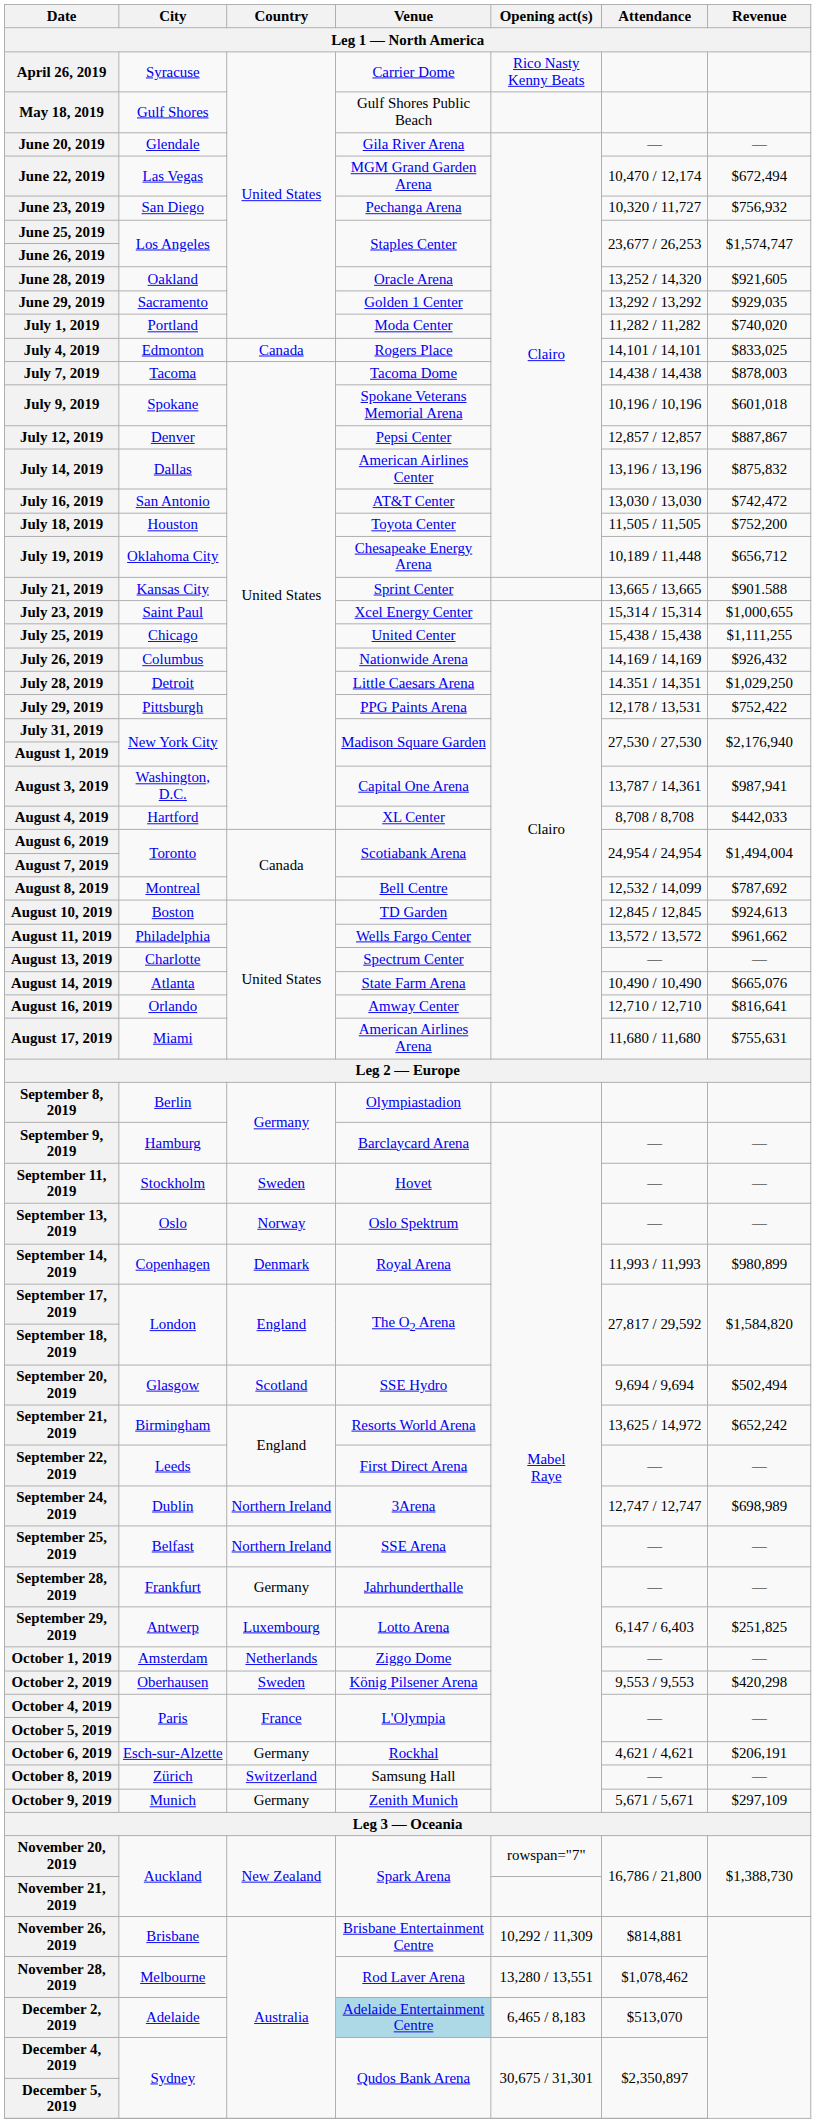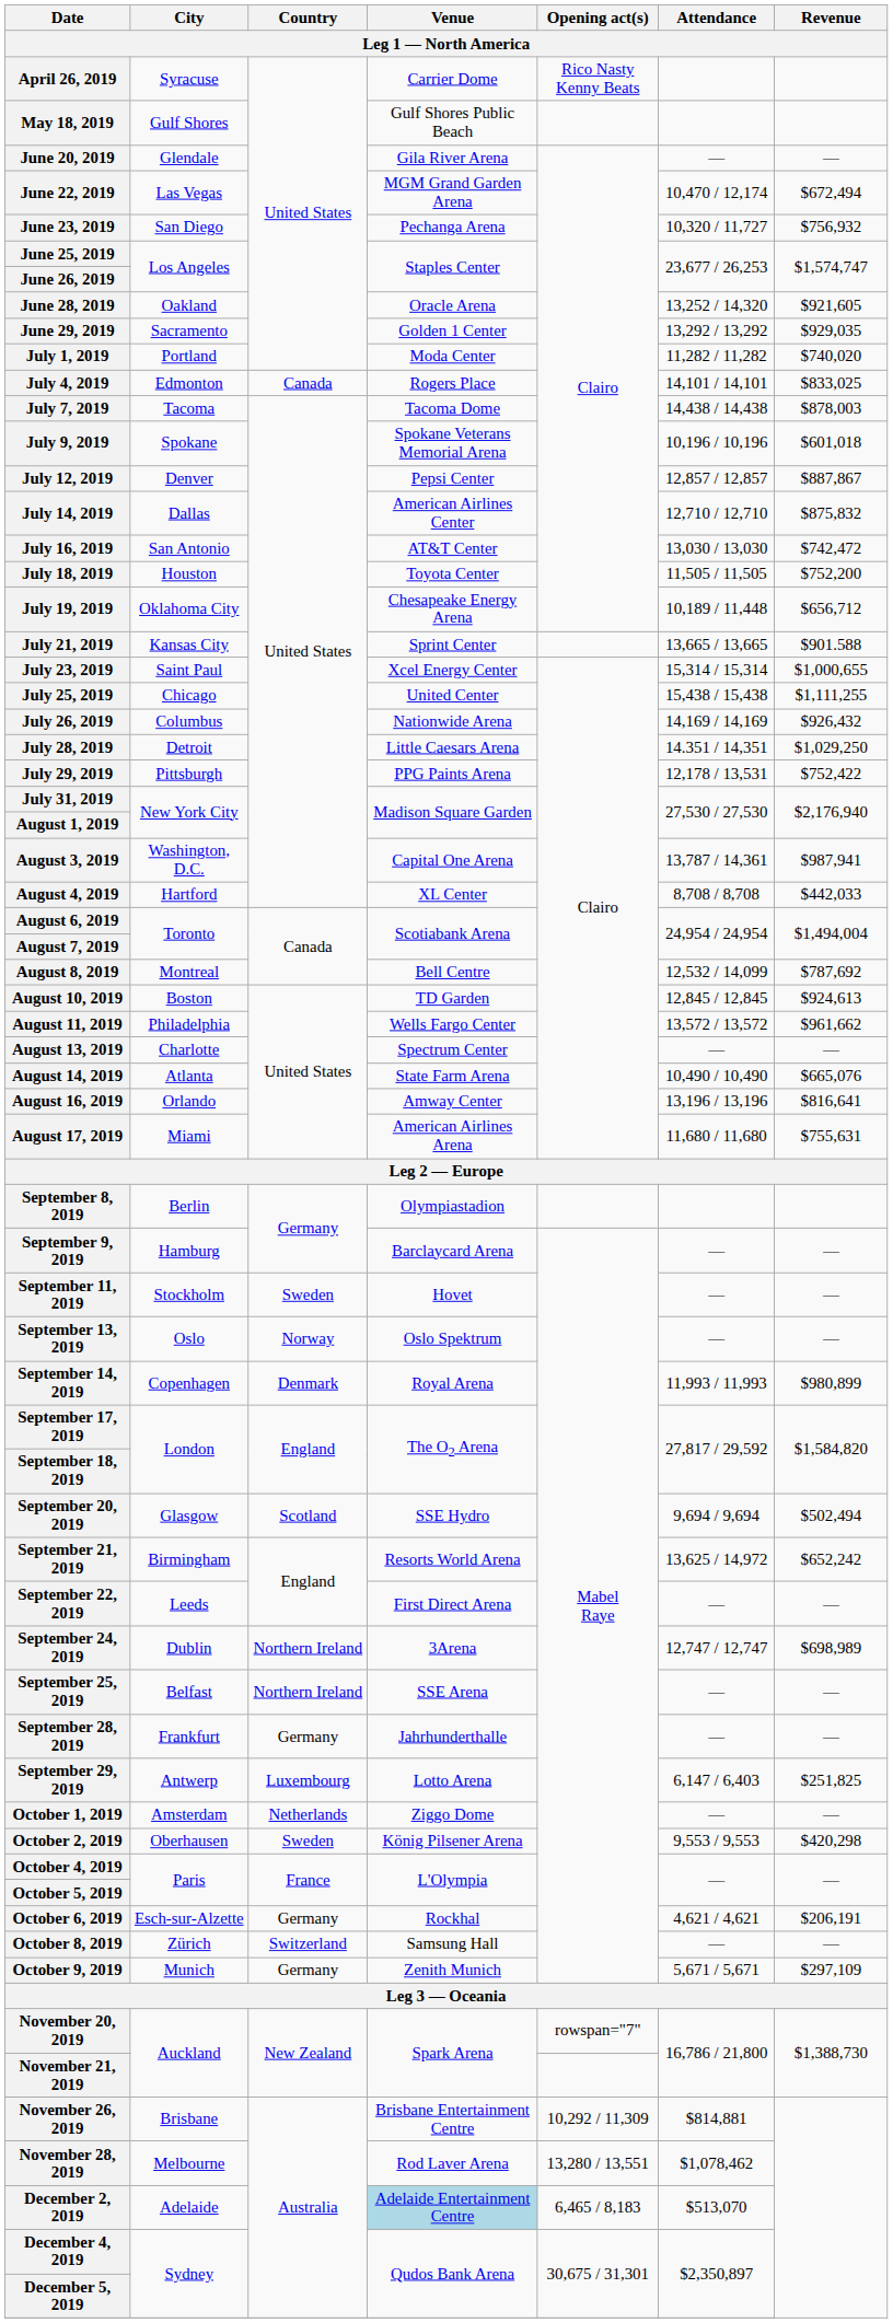 <table class="wikitable plainrowheaders" style="text-align:center;">
 <tr>
 <th scope="col" style="width:12em;">Date</th>
 <th scope="col" style="width:10em;">City</th>
 <th scope="col" style="width:10em;">Country</th>
 <th scope="col" style="width:16em;">Venue</th>
 <th scope="col" style="width:10em;">Opening act(s)</th>
 <th scope="col" style="width:10em;">Attendance</th>
 <th scope="col" style="width:10em;">Revenue</th>
 </tr>
 <tr>
 <th colspan="7">Leg 1 — North America</th>
 </tr>
 <tr>
 <th scope="row" style="text-align:center;">April 26, 2019</th>
 <td><a href='#'>Syracuse</a></td>
 <td rowspan="10"><a href='#'>United States</a></td>
 <td><a href='#'>Carrier Dome</a></td>
 <td><a href='#'>Rico Nasty</a><br><a href='#'>Kenny Beats</a></td>
 <td></td>
 <td></td>
 </tr>
 <tr>
 <th scope="row" style="text-align:center;">May 18, 2019</th>
 <td><a href='#'>Gulf Shores</a></td>
 <td>Gulf Shores Public Beach</td>
 <td></td>
 <td></td>
 <td></td>
 </tr>
 <tr>
 <th scope="row" style="text-align:center;">June 20, 2019</th>
 <td><a href='#'>Glendale</a></td>
 <td><a href='#'>Gila River Arena</a></td>
 <td rowspan="16"><a href='#'>Clairo</a></td>
 <td>—</td>
 <td>—</td>
 </tr>
 <tr>
 <th scope="row" style="text-align:center;">June 22, 2019</th>
 <td><a href='#'>Las Vegas</a></td>
 <td><a href='#'>MGM Grand Garden Arena</a></td>
 <td>10,470 / 12,174</td>
 <td>$672,494</td>
 </tr>
 <tr>
 <th scope="row" style="text-align:center;">June 23, 2019</th>
 <td><a href='#'>San Diego</a></td>
 <td><a href='#'>Pechanga Arena</a></td>
 <td>10,320 / 11,727</td>
 <td>$756,932</td>
 </tr>
 <tr>
 <th scope="row" style="text-align:center;">June 25, 2019</th>
 <td rowspan="2"><a href='#'>Los Angeles</a></td>
 <td rowspan="2"><a href='#'>Staples Center</a></td>
 <td rowspan="2">23,677 / 26,253</td>
 <td rowspan="2">$1,574,747</td>
 </tr>
 <tr>
 <th scope="row" style="text-align:center;">June 26, 2019</th>
 </tr>
 <tr>
 <th scope="row" style="text-align:center;">June 28, 2019</th>
 <td><a href='#'>Oakland</a></td>
 <td><a href='#'>Oracle Arena</a></td>
 <td>13,252 / 14,320</td>
 <td>$921,605</td>
 </tr>
 <tr>
 <th scope="row" style="text-align:center;">June 29, 2019</th>
 <td><a href='#'>Sacramento</a></td>
 <td><a href='#'>Golden 1 Center</a></td>
 <td>13,292 / 13,292</td>
 <td>$929,035</td>
 </tr>
 <tr>
 <th scope="row" style="text-align:center;">July 1, 2019</th>
 <td><a href='#'>Portland</a></td>
 <td><a href='#'>Moda Center</a></td>
 <td>11,282 / 11,282</td>
 <td>$740,020</td>
 </tr>
 <tr>
 <th scope="row" style="text-align:center;">July 4, 2019</th>
 <td><a href='#'>Edmonton</a></td>
 <td><a href='#'>Canada</a></td>
 <td><a href='#'>Rogers Place</a></td>
 <td>14,101 / 14,101</td>
 <td>$833,025</td>
 </tr>
 <tr>
 <th scope="row" style="text-align:center;">July 7, 2019</th>
 <td><a href='#'>Tacoma</a></td>
 <td rowspan="17">United States</td>
 <td><a href='#'>Tacoma Dome</a></td>
 <td>14,438 / 14,438</td>
 <td>$878,003</td>
 </tr>
 <tr>
 <th scope="row" style="text-align:center;">July 9, 2019</th>
 <td><a href='#'>Spokane</a></td>
 <td><a href='#'>Spokane Veterans Memorial Arena</a></td>
 <td>10,196 / 10,196</td>
 <td>$601,018</td>
 </tr>
 <tr>
 <th scope="row" style="text-align:center;">July 12, 2019</th>
 <td><a href='#'>Denver</a></td>
 <td><a href='#'>Pepsi Center</a></td>
 <td>12,857 / 12,857</td>
 <td>$887,867</td>
 </tr>
 <tr>
 <th scope="row" style="text-align:center;">July 14, 2019</th>
 <td><a href='#'>Dallas</a></td>
 <td><a href='#'>American Airlines Center</a></td>
-<td>13,196 / 13,196</td>
+<td>12,710 / 12,710</td>
 <td>$875,832</td>
 </tr>
 <tr>
 <th scope="row" style="text-align:center;">July 16, 2019</th>
 <td><a href='#'>San Antonio</a></td>
 <td><a href='#'>AT&T Center</a></td>
 <td>13,030 / 13,030</td>
 <td>$742,472</td>
 </tr>
 <tr>
 <th scope="row" style="text-align:center;">July 18, 2019</th>
 <td><a href='#'>Houston</a></td>
 <td><a href='#'>Toyota Center</a></td>
 <td>11,505 / 11,505</td>
 <td>$752,200</td>
 </tr>
 <tr>
 <th scope="row" style="text-align:center;">July 19, 2019</th>
 <td><a href='#'>Oklahoma City</a></td>
 <td><a href='#'>Chesapeake Energy Arena</a></td>
 <td>10,189 / 11,448</td>
 <td>$656,712</td>
 </tr>
 <tr>
 <th scope="row" style="text-align:center;">July 21, 2019</th>
 <td><a href='#'>Kansas City</a></td>
 <td><a href='#'>Sprint Center</a></td>
 <td></td>
 <td>13,665 / 13,665</td>
 <td>$901.588</td>
 </tr>
 <tr>
 <th scope="row" style="text-align:center;">July 23, 2019</th>
 <td><a href='#'>Saint Paul</a></td>
 <td><a href='#'>Xcel Energy Center</a></td>
 <td rowspan="18">Clairo</td>
 <td>15,314 / 15,314</td>
 <td>$1,000,655</td>
 </tr>
 <tr>
 <th scope="row" style="text-align:center;">July 25, 2019</th>
 <td><a href='#'>Chicago</a></td>
 <td><a href='#'>United Center</a></td>
 <td>15,438 / 15,438</td>
 <td>$1,111,255</td>
 </tr>
 <tr>
 <th scope="row" style="text-align:center;">July 26, 2019</th>
 <td><a href='#'>Columbus</a></td>
 <td><a href='#'>Nationwide Arena</a></td>
 <td>14,169 / 14,169</td>
 <td>$926,432</td>
 </tr>
 <tr>
 <th scope="row" style="text-align:center;">July 28, 2019</th>
 <td><a href='#'>Detroit</a></td>
 <td><a href='#'>Little Caesars Arena</a></td>
 <td>14.351 / 14,351</td>
 <td>$1,029,250</td>
 </tr>
 <tr>
 <th scope="row" style="text-align:center;">July 29, 2019</th>
 <td><a href='#'>Pittsburgh</a></td>
 <td><a href='#'>PPG Paints Arena</a></td>
 <td>12,178 / 13,531</td>
 <td>$752,422</td>
 </tr>
 <tr>
 <th scope="row" style="text-align:center;">July 31, 2019</th>
 <td rowspan="2"><a href='#'>New York City</a></td>
 <td rowspan="2"><a href='#'>Madison Square Garden</a></td>
 <td rowspan="2">27,530 / 27,530</td>
 <td rowspan="2">$2,176,940</td>
 </tr>
 <tr>
 <th scope="row" style="text-align:center;">August 1, 2019</th>
 </tr>
 <tr>
 <th scope="row" style="text-align:center;">August 3, 2019</th>
 <td><a href='#'>Washington, D.C.</a></td>
 <td><a href='#'>Capital One Arena</a></td>
 <td>13,787 / 14,361</td>
 <td>$987,941</td>
 </tr>
 <tr>
 <th scope="row" style="text-align:center;">August 4, 2019</th>
 <td><a href='#'>Hartford</a></td>
 <td><a href='#'>XL Center</a></td>
 <td>8,708 / 8,708</td>
 <td>$442,033</td>
 </tr>
 <tr>
 <th scope="row" style="text-align:center;">August 6, 2019</th>
 <td rowspan="2"><a href='#'>Toronto</a></td>
 <td rowspan="3">Canada</td>
 <td rowspan="2"><a href='#'>Scotiabank Arena</a></td>
 <td rowspan="2">24,954 / 24,954</td>
 <td rowspan="2">$1,494,004</td>
 </tr>
 <tr>
 <th scope="row" style="text-align:center;">August 7, 2019</th>
 </tr>
 <tr>
 <th scope="row" style="text-align:center;">August 8, 2019</th>
 <td><a href='#'>Montreal</a></td>
 <td><a href='#'>Bell Centre</a></td>
 <td>12,532 / 14,099</td>
 <td>$787,692</td>
 </tr>
 <tr>
 <th scope="row" style="text-align:center;">August 10, 2019</th>
 <td><a href='#'>Boston</a></td>
 <td rowspan="6">United States</td>
 <td><a href='#'>TD Garden</a></td>
 <td>12,845 / 12,845</td>
 <td>$924,613</td>
 </tr>
 <tr>
 <th scope="row" style="text-align:center;">August 11, 2019</th>
 <td><a href='#'>Philadelphia</a></td>
 <td><a href='#'>Wells Fargo Center</a></td>
 <td>13,572 / 13,572</td>
 <td>$961,662</td>
 </tr>
 <tr>
 <th scope="row" style="text-align:center;">August 13, 2019</th>
 <td><a href='#'>Charlotte</a></td>
 <td><a href='#'>Spectrum Center</a></td>
 <td>—</td>
 <td>—</td>
 </tr>
 <tr>
 <th scope="row" style="text-align:center;">August 14, 2019</th>
 <td><a href='#'>Atlanta</a></td>
 <td><a href='#'>State Farm Arena</a></td>
 <td>10,490 / 10,490</td>
 <td>$665,076</td>
 </tr>
 <tr>
 <th scope="row" style="text-align:center;">August 16, 2019</th>
 <td><a href='#'>Orlando</a></td>
 <td><a href='#'>Amway Center</a></td>
-<td>12,710 / 12,710</td>
+<td>13,196 / 13,196</td>
 <td>$816,641</td>
 </tr>
 <tr>
 <th scope="row" style="text-align:center;">August 17, 2019</th>
 <td><a href='#'>Miami</a></td>
 <td><a href='#'>American Airlines Arena</a></td>
 <td>11,680 / 11,680</td>
 <td>$755,631</td>
 </tr>
 <tr>
 <th colspan="7">Leg 2 — Europe</th>
 </tr>
 <tr>
 <th scope="row" style="text-align:center;">September 8, 2019</th>
 <td><a href='#'>Berlin</a></td>
 <td rowspan="2"><a href='#'>Germany</a></td>
 <td><a href='#'>Olympiastadion</a></td>
 <td></td>
 <td></td>
 <td></td>
 </tr>
 <tr>
 <th scope="row" style="text-align:center;">September 9, 2019</th>
 <td><a href='#'>Hamburg</a></td>
 <td><a href='#'>Barclaycard Arena</a></td>
 <td rowspan="20"><a href='#'>Mabel</a><br><a href='#'>Raye</a></td>
 <td>—</td>
 <td>—</td>
 </tr>
 <tr>
 <th scope="row" style="text-align:center;">September 11, 2019</th>
 <td><a href='#'>Stockholm</a></td>
 <td><a href='#'>Sweden</a></td>
 <td><a href='#'>Hovet</a></td>
 <td>—</td>
 <td>—</td>
 </tr>
 <tr>
 <th scope="row" style="text-align:center;">September 13, 2019</th>
 <td><a href='#'>Oslo</a></td>
 <td><a href='#'>Norway</a></td>
 <td><a href='#'>Oslo Spektrum</a></td>
 <td>—</td>
 <td>—</td>
 </tr>
 <tr>
 <th scope="row" style="text-align:center;">September 14, 2019</th>
 <td><a href='#'>Copenhagen</a></td>
 <td><a href='#'>Denmark</a></td>
 <td><a href='#'>Royal Arena</a></td>
 <td>11,993 / 11,993</td>
 <td>$980,899</td>
 </tr>
 <tr>
 <th scope="row" style="text-align:center;">September 17, 2019</th>
 <td rowspan="2"><a href='#'>London</a></td>
 <td rowspan="2"><a href='#'>England</a></td>
 <td rowspan="2"><a href='#'>The O<sub>2</sub> Arena</a></td>
 <td rowspan="2">27,817 / 29,592</td>
 <td rowspan="2">$1,584,820</td>
 </tr>
 <tr>
 <th scope="row" style="text-align:center;">September 18, 2019</th>
 </tr>
 <tr>
 <th scope="row" style="text-align:center;">September 20, 2019</th>
 <td><a href='#'>Glasgow</a></td>
 <td><a href='#'>Scotland</a></td>
 <td><a href='#'>SSE Hydro</a></td>
 <td>9,694 / 9,694</td>
 <td>$502,494</td>
 </tr>
 <tr>
 <th scope="row" style="text-align:center;">September 21, 2019</th>
 <td><a href='#'>Birmingham</a></td>
 <td rowspan="2">England</td>
 <td><a href='#'>Resorts World Arena</a></td>
 <td>13,625 / 14,972</td>
 <td>$652,242</td>
 </tr>
 <tr>
 <th scope="row" style="text-align:center;">September 22, 2019</th>
 <td><a href='#'>Leeds</a></td>
 <td><a href='#'>First Direct Arena</a></td>
 <td>—</td>
 <td>—</td>
 </tr>
 <tr>
 <th scope="row" style="text-align:center;">September 24, 2019</th>
 <td><a href='#'>Dublin</a></td>
 <td><a href='#'>Northern Ireland</a></td>
 <td><a href='#'>3Arena</a></td>
 <td>12,747 / 12,747</td>
 <td>$698,989</td>
 </tr>
 <tr>
 <th scope="row" style="text-align:center;">September 25, 2019</th>
 <td><a href='#'>Belfast</a></td>
 <td><a href='#'>Northern Ireland</a></td>
 <td><a href='#'>SSE Arena</a></td>
 <td>—</td>
 <td>—</td>
 </tr>
 <tr>
 <th scope="row" style="text-align:center;">September 28, 2019</th>
 <td><a href='#'>Frankfurt</a></td>
 <td>Germany</td>
 <td><a href='#'>Jahrhunderthalle</a></td>
 <td>—</td>
 <td>—</td>
 </tr>
 <tr>
 <th scope="row" style="text-align:center;">September 29, 2019</th>
 <td><a href='#'>Antwerp</a></td>
 <td><a href='#'>Luxembourg</a></td>
 <td><a href='#'>Lotto Arena</a></td>
 <td>6,147 / 6,403</td>
 <td>$251,825</td>
 </tr>
 <tr>
 <th scope="row" style="text-align:center;">October 1, 2019</th>
 <td><a href='#'>Amsterdam</a></td>
 <td><a href='#'>Netherlands</a></td>
 <td><a href='#'>Ziggo Dome</a></td>
 <td>—</td>
 <td>—</td>
 </tr>
 <tr>
 <th scope="row" style="text-align:center;">October 2, 2019</th>
 <td><a href='#'>Oberhausen</a></td>
 <td><a href='#'>Sweden</a></td>
 <td><a href='#'>König Pilsener Arena</a></td>
 <td>9,553 / 9,553</td>
 <td>$420,298</td>
 </tr>
 <tr>
 <th scope="row" style="text-align:center;">October 4, 2019</th>
 <td rowspan="2"><a href='#'>Paris</a></td>
 <td rowspan="2"><a href='#'>France</a></td>
 <td rowspan="2"><a href='#'>L'Olympia</a></td>
 <td rowspan="2">—</td>
 <td rowspan="2">—</td>
 </tr>
 <tr>
 <th scope="row" style="text-align:center;">October 5, 2019</th>
 </tr>
 <tr>
 <th scope="row" style="text-align:center;">October 6, 2019</th>
 <td><a href='#'>Esch-sur-Alzette</a></td>
 <td>Germany</td>
 <td><a href='#'>Rockhal</a></td>
 <td>4,621 / 4,621</td>
 <td>$206,191</td>
 </tr>
 <tr>
 <th scope="row" style="text-align:center;">October 8, 2019</th>
 <td><a href='#'>Zürich</a></td>
 <td><a href='#'>Switzerland</a></td>
 <td>Samsung Hall</td>
 <td>—</td>
 <td>—</td>
 </tr>
 <tr>
 <th scope="row" style="text-align:center;">October 9, 2019</th>
 <td><a href='#'>Munich</a></td>
 <td>Germany</td>
 <td><a href='#'>Zenith Munich</a></td>
 <td>5,671 / 5,671</td>
 <td>$297,109</td>
 </tr>
 <tr>
 <th colspan="7">Leg 3 — Oceania</th>
 </tr>
 <tr>
 <th scope="row" style="text-align:center;">November 20, 2019</th>
 <td rowspan="2"><a href='#'>Auckland</a></td>
 <td rowspan="2"><a href='#'>New Zealand</a></td>
 <td rowspan="2"><a href='#'>Spark Arena</a></td>
 <td>rowspan="7" </td>
 <td rowspan="2">16,786 / 21,800</td>
 <td rowspan="2">$1,388,730</td>
 </tr>
 <tr>
 <th scope="row" style="text-align:center;">November 21, 2019</th>
 </tr>
 <tr>
 <th scope="row" style="text-align:center;">November 26, 2019</th>
 <td><a href='#'>Brisbane</a></td>
 <td rowspan="5"><a href='#'>Australia</a></td>
 <td><a href='#'>Brisbane Entertainment Centre</a></td>
 <td>10,292 / 11,309</td>
 <td>$814,881</td>
 </tr>
 <tr>
 <th scope="row" style="text-align:center;">November 28, 2019</th>
 <td><a href='#'>Melbourne</a></td>
 <td><a href='#'>Rod Laver Arena</a></td>
 <td>13,280 / 13,551</td>
 <td>$1,078,462</td>
 </tr>
 <tr>
 <th scope="row" style="text-align:center;">December 2, 2019</th>
 <td><a href='#'>Adelaide</a></td>
 <td style="background: lightblue;"><a href='#'>Adelaide Entertainment Centre</a></td>
 <td>6,465 / 8,183</td>
 <td>$513,070</td>
 </tr>
 <tr>
 <th scope="row" style="text-align:center;">December 4, 2019</th>
 <td rowspan="2"><a href='#'>Sydney</a></td>
 <td rowspan="2"><a href='#'>Qudos Bank Arena</a></td>
 <td rowspan="2">30,675 / 31,301</td>
 <td rowspan="2">$2,350,897</td>
 </tr>
 <tr>
 <th scope="row" style="text-align:center;">December 5, 2019</th>
 </tr>
 <tr>
 </tr>
 </table>
